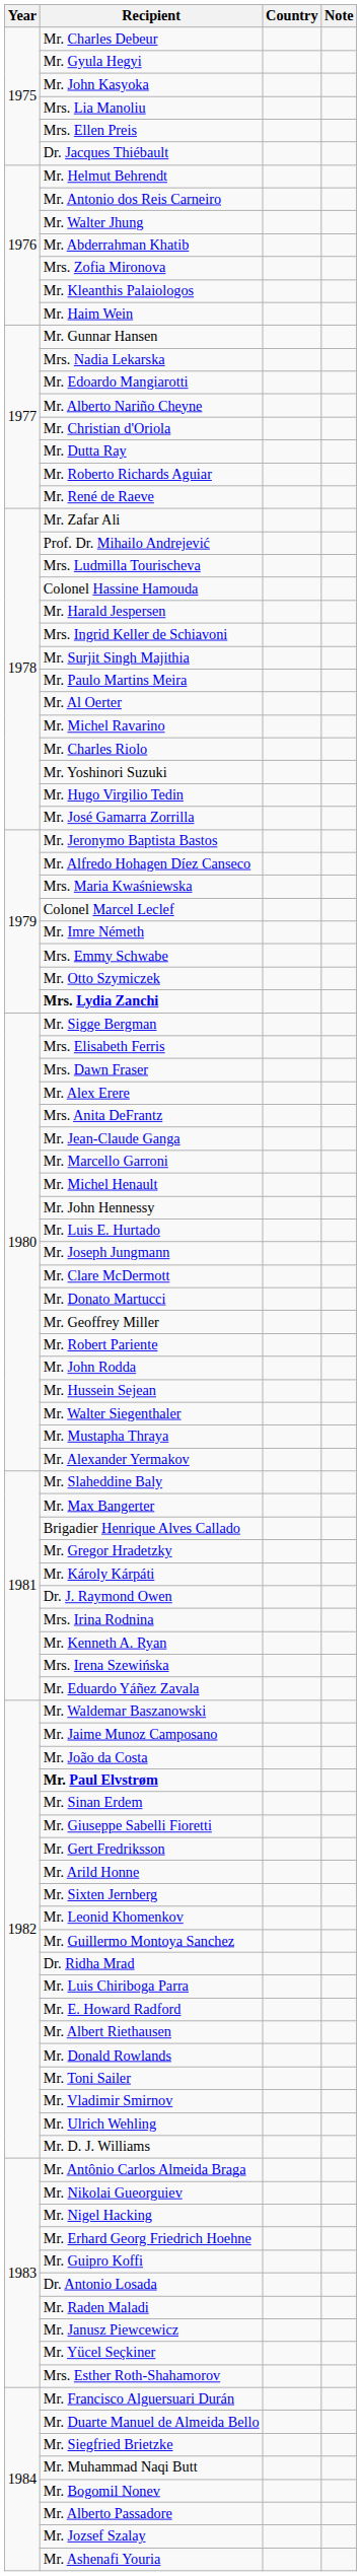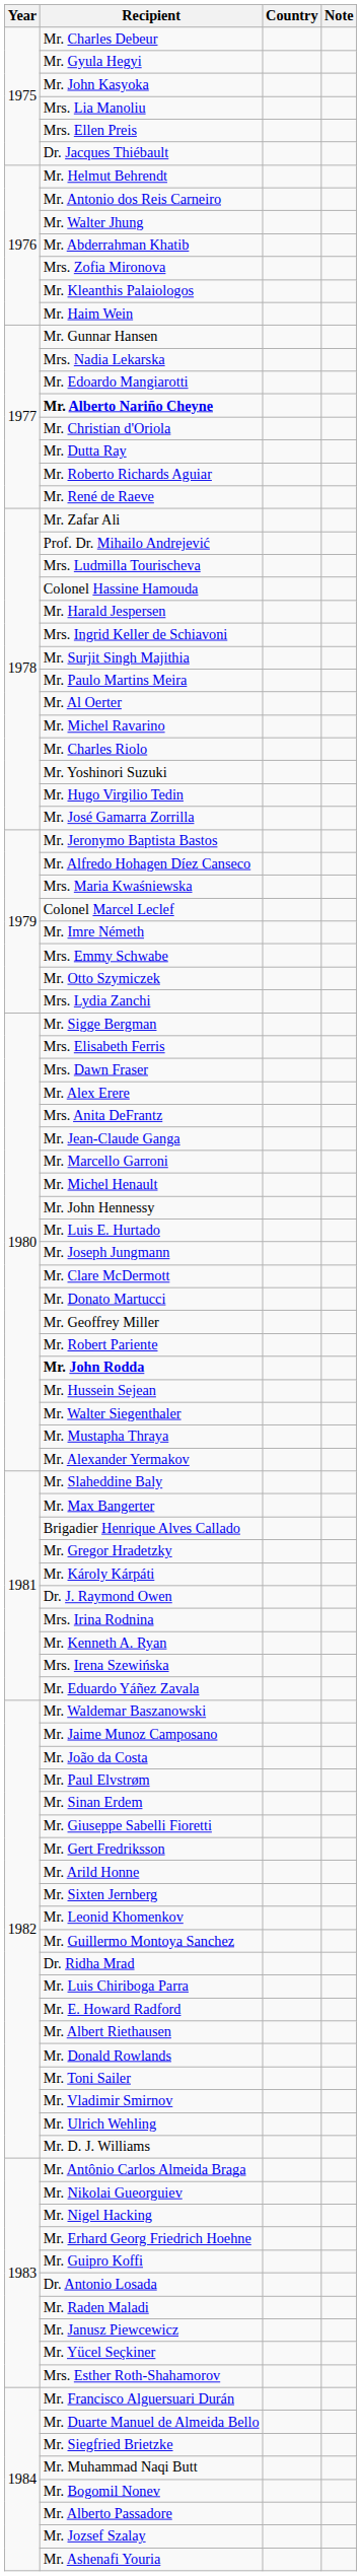 <table class="wikitable">
 <tr>
 <th>Year</th>
 <th>Recipient</th>
 <th>Country</th>
 <th>Note</th>
 </tr>
 <tr>
 <td rowspan=6>1975</td>
 <td>Mr. <a href='#'>Charles Debeur</a></td>
 <td></td>
 <td></td>
 </tr>
 <tr>
 <td>Mr. <a href='#'>Gyula Hegyi</a></td>
 <td></td>
 <td></td>
 </tr>
 <tr>
 <td>Mr. <a href='#'>John Kasyoka</a></td>
 <td></td>
 <td></td>
 </tr>
 <tr>
 <td>Mrs. <a href='#'>Lia Manoliu</a></td>
 <td></td>
 <td></td>
 </tr>
 <tr>
 <td>Mrs. <a href='#'>Ellen Preis</a></td>
 <td></td>
 <td></td>
 </tr>
 <tr>
 <td>Dr. <a href='#'>Jacques Thiébault</a></td>
 <td></td>
 <td></td>
 </tr>
 <tr>
 <td rowspan=7>1976</td>
 <td>Mr. <a href='#'>Helmut Behrendt</a></td>
 <td></td>
 <td></td>
 </tr>
 <tr>
 <td>Mr. <a href='#'>Antonio dos Reis Carneiro</a></td>
 <td></td>
 <td></td>
 </tr>
 <tr>
 <td>Mr. <a href='#'>Walter Jhung</a></td>
 <td></td>
 <td></td>
 </tr>
 <tr>
 <td>Mr. <a href='#'>Abderrahman Khatib</a></td>
 <td></td>
 <td></td>
 </tr>
 <tr>
 <td>Mrs. <a href='#'>Zofia Mironova</a></td>
 <td></td>
 <td></td>
 </tr>
 <tr>
 <td>Mr. <a href='#'>Kleanthis Palaiologos</a></td>
 <td></td>
 <td></td>
 </tr>
 <tr>
 <td>Mr. <a href='#'>Haim Wein</a></td>
 <td></td>
 <td></td>
 </tr>
 <tr>
 <td rowspan=8>1977</td>
 <td>Mr. Gunnar Hansen</td>
 <td></td>
 <td></td>
 </tr>
 <tr>
 <td>Mrs. <a href='#'>Nadia Lekarska</a></td>
 <td></td>
 <td></td>
 </tr>
 <tr>
 <td>Mr. <a href='#'>Edoardo Mangiarotti</a></td>
 <td></td>
 <td></td>
 </tr>
 <tr>
-<td>Mr. <a href='#'>Alberto Nariño Cheyne</a></td>
+<td><strong>Mr. <a href='#'>Alberto Nariño Cheyne</a></strong></td>
 <td></td>
 <td></td>
 </tr>
 <tr>
 <td>Mr. <a href='#'>Christian d'Oriola</a></td>
 <td></td>
 <td></td>
 </tr>
 <tr>
 <td>Mr. <a href='#'>Dutta Ray</a></td>
 <td></td>
 <td></td>
 </tr>
 <tr>
 <td>Mr. <a href='#'>Roberto Richards Aguiar</a></td>
 <td></td>
 <td></td>
 </tr>
 <tr>
 <td>Mr. <a href='#'>René de Raeve</a></td>
 <td></td>
 <td></td>
 </tr>
 <tr>
 <td rowspan=14>1978</td>
 <td>Mr. Zafar Ali</td>
 <td></td>
 <td></td>
 </tr>
 <tr>
 <td>Prof. Dr. <a href='#'>Mihailo Andrejević</a></td>
 <td></td>
 <td></td>
 </tr>
 <tr>
 <td>Mrs. <a href='#'>Ludmilla Tourischeva</a></td>
 <td></td>
 <td></td>
 </tr>
 <tr>
 <td>Colonel <a href='#'>Hassine Hamouda</a></td>
 <td></td>
 <td></td>
 </tr>
 <tr>
 <td>Mr. <a href='#'>Harald Jespersen</a></td>
 <td></td>
 <td></td>
 </tr>
 <tr>
 <td>Mrs. <a href='#'>Ingrid Keller de Schiavoni</a></td>
 <td></td>
 <td></td>
 </tr>
 <tr>
 <td>Mr. <a href='#'>Surjit Singh Majithia</a></td>
 <td></td>
 <td></td>
 </tr>
 <tr>
 <td>Mr. <a href='#'>Paulo Martins Meira</a></td>
 <td></td>
 <td></td>
 </tr>
 <tr>
 <td>Mr. <a href='#'>Al Oerter</a></td>
 <td></td>
 <td></td>
 </tr>
 <tr>
 <td>Mr. <a href='#'>Michel Ravarino</a></td>
 <td></td>
 <td></td>
 </tr>
 <tr>
 <td>Mr. <a href='#'>Charles Riolo</a></td>
 <td></td>
 <td></td>
 </tr>
 <tr>
 <td>Mr. Yoshinori Suzuki</td>
 <td></td>
 <td></td>
 </tr>
 <tr>
 <td>Mr. <a href='#'>Hugo Virgilio Tedin</a></td>
 <td></td>
 <td></td>
 </tr>
 <tr>
 <td>Mr. <a href='#'>José Gamarra Zorrilla</a></td>
 <td></td>
 <td></td>
 </tr>
 <tr>
 <td rowspan=8>1979</td>
 <td>Mr. <a href='#'>Jeronymo Baptista Bastos</a></td>
 <td></td>
 <td></td>
 </tr>
 <tr>
 <td>Mr. <a href='#'>Alfredo Hohagen Díez Canseco</a></td>
 <td></td>
 <td></td>
 </tr>
 <tr>
 <td>Mrs. <a href='#'>Maria Kwaśniewska</a></td>
 <td></td>
 <td></td>
 </tr>
 <tr>
 <td>Colonel <a href='#'>Marcel Leclef</a></td>
 <td></td>
 <td></td>
 </tr>
 <tr>
 <td>Mr. <a href='#'>Imre Németh</a></td>
 <td></td>
 <td></td>
 </tr>
 <tr>
 <td>Mrs. <a href='#'>Emmy Schwabe</a></td>
 <td></td>
 <td></td>
 </tr>
 <tr>
 <td>Mr. <a href='#'>Otto Szymiczek</a></td>
 <td></td>
 <td></td>
 </tr>
 <tr>
-<td><strong>Mrs. <a href='#'>Lydia Zanchi</a></strong></td>
+<td>Mrs. <a href='#'>Lydia Zanchi</a></td>
 <td></td>
 <td></td>
 </tr>
 <tr>
 <td rowspan=20>1980</td>
 <td>Mr. <a href='#'>Sigge Bergman</a></td>
 <td></td>
 <td></td>
 </tr>
 <tr>
 <td>Mrs. <a href='#'>Elisabeth Ferris</a></td>
 <td></td>
 <td></td>
 </tr>
 <tr>
 <td>Mrs. <a href='#'>Dawn Fraser</a></td>
 <td></td>
 <td></td>
 </tr>
 <tr>
 <td>Mr. <a href='#'>Alex Erere</a></td>
 <td></td>
 <td></td>
 </tr>
 <tr>
 <td>Mrs. <a href='#'>Anita DeFrantz</a></td>
 <td></td>
 <td></td>
 </tr>
 <tr>
 <td>Mr. <a href='#'>Jean-Claude Ganga</a></td>
 <td></td>
 <td></td>
 </tr>
 <tr>
 <td>Mr. <a href='#'>Marcello Garroni</a></td>
 <td></td>
 <td></td>
 </tr>
 <tr>
 <td>Mr. <a href='#'>Michel Henault</a></td>
 <td></td>
 <td></td>
 </tr>
 <tr>
 <td>Mr. John Hennessy</td>
 <td></td>
 <td></td>
 </tr>
 <tr>
 <td>Mr. <a href='#'>Luis E. Hurtado</a></td>
 <td></td>
 <td></td>
 </tr>
 <tr>
 <td>Mr. <a href='#'>Joseph Jungmann</a></td>
 <td></td>
 <td></td>
 </tr>
 <tr>
 <td>Mr. <a href='#'>Clare McDermott</a></td>
 <td></td>
 <td></td>
 </tr>
 <tr>
 <td>Mr. <a href='#'>Donato Martucci</a></td>
 <td></td>
 <td></td>
 </tr>
 <tr>
 <td>Mr. Geoffrey Miller</td>
 <td></td>
 <td></td>
 </tr>
 <tr>
 <td>Mr. <a href='#'>Robert Pariente</a></td>
 <td></td>
 <td></td>
 </tr>
 <tr>
-<td>Mr. <a href='#'>John Rodda</a></td>
+<td><strong>Mr. <a href='#'>John Rodda</a></strong></td>
 <td></td>
 <td></td>
 </tr>
 <tr>
 <td>Mr. <a href='#'>Hussein Sejean</a></td>
 <td></td>
 <td></td>
 </tr>
 <tr>
 <td>Mr. <a href='#'>Walter Siegenthaler</a></td>
 <td></td>
 <td></td>
 </tr>
 <tr>
 <td>Mr. <a href='#'>Mustapha Thraya</a></td>
 <td></td>
 <td></td>
 </tr>
 <tr>
 <td>Mr. <a href='#'>Alexander Yermakov</a></td>
 <td></td>
 <td></td>
 </tr>
 <tr>
 <td rowspan=10>1981</td>
 <td>Mr. <a href='#'>Slaheddine Baly</a></td>
 <td></td>
 <td></td>
 </tr>
 <tr>
 <td>Mr. <a href='#'>Max Bangerter</a></td>
 <td></td>
 <td></td>
 </tr>
 <tr>
 <td>Brigadier <a href='#'>Henrique Alves Callado</a></td>
 <td></td>
 <td></td>
 </tr>
 <tr>
 <td>Mr. <a href='#'>Gregor Hradetzky</a></td>
 <td></td>
 <td></td>
 </tr>
 <tr>
 <td>Mr. <a href='#'>Károly Kárpáti</a></td>
 <td></td>
 <td></td>
 </tr>
 <tr>
 <td>Dr. <a href='#'>J. Raymond Owen</a></td>
 <td></td>
 <td></td>
 </tr>
 <tr>
 <td>Mrs. <a href='#'>Irina Rodnina</a></td>
 <td></td>
 <td></td>
 </tr>
 <tr>
 <td>Mr. <a href='#'>Kenneth A. Ryan</a></td>
 <td></td>
 <td></td>
 </tr>
 <tr>
 <td>Mrs. <a href='#'>Irena Szewińska</a></td>
 <td></td>
 <td></td>
 </tr>
 <tr>
 <td>Mr. <a href='#'>Eduardo Yáñez Zavala</a></td>
 <td></td>
 <td></td>
 </tr>
 <tr>
 <td rowspan=20>1982</td>
 <td>Mr. <a href='#'>Waldemar Baszanowski</a></td>
 <td></td>
 <td></td>
 </tr>
 <tr>
 <td>Mr. <a href='#'>Jaime Munoz Camposano</a></td>
 <td></td>
 <td></td>
 </tr>
 <tr>
 <td>Mr. <a href='#'>João da Costa</a></td>
 <td></td>
 <td></td>
 </tr>
 <tr>
-<td><strong>Mr. <a href='#'>Paul Elvstrøm</a></strong></td>
+<td>Mr. <a href='#'>Paul Elvstrøm</a></td>
 <td></td>
 <td></td>
 </tr>
 <tr>
 <td>Mr. <a href='#'>Sinan Erdem</a></td>
 <td></td>
 <td></td>
 </tr>
 <tr>
 <td>Mr. <a href='#'>Giuseppe Sabelli Fioretti</a></td>
 <td></td>
 <td></td>
 </tr>
 <tr>
 <td>Mr. <a href='#'>Gert Fredriksson</a></td>
 <td></td>
 <td></td>
 </tr>
 <tr>
 <td>Mr. <a href='#'>Arild Honne</a></td>
 <td></td>
 <td></td>
 </tr>
 <tr>
 <td>Mr. <a href='#'>Sixten Jernberg</a></td>
 <td></td>
 <td></td>
 </tr>
 <tr>
 <td>Mr. <a href='#'>Leonid Khomenkov</a></td>
 <td></td>
 <td></td>
 </tr>
 <tr>
 <td>Mr. <a href='#'>Guillermo Montoya Sanchez</a></td>
 <td></td>
 <td></td>
 </tr>
 <tr>
 <td>Dr. <a href='#'>Ridha Mrad</a></td>
 <td></td>
 <td></td>
 </tr>
 <tr>
 <td>Mr. <a href='#'>Luis Chiriboga Parra</a></td>
 <td></td>
 <td></td>
 </tr>
 <tr>
 <td>Mr. <a href='#'>E. Howard Radford</a></td>
 <td></td>
 <td></td>
 </tr>
 <tr>
 <td>Mr. <a href='#'>Albert Riethausen</a></td>
 <td></td>
 <td></td>
 </tr>
 <tr>
 <td>Mr. <a href='#'>Donald Rowlands</a></td>
 <td></td>
 <td></td>
 </tr>
 <tr>
 <td>Mr. <a href='#'>Toni Sailer</a></td>
 <td></td>
 <td></td>
 </tr>
 <tr>
 <td>Mr. <a href='#'>Vladimir Smirnov</a></td>
 <td></td>
 <td></td>
 </tr>
 <tr>
 <td>Mr. <a href='#'>Ulrich Wehling</a></td>
 <td></td>
 <td></td>
 </tr>
 <tr>
 <td>Mr. D. J. Williams</td>
 <td></td>
 <td></td>
 </tr>
 <tr>
 <td rowspan=10>1983</td>
 <td>Mr. <a href='#'>Antônio Carlos Almeida Braga</a></td>
 <td></td>
 <td></td>
 </tr>
 <tr>
 <td>Mr. <a href='#'>Nikolai Gueorguiev</a></td>
 <td></td>
 <td></td>
 </tr>
 <tr>
 <td>Mr. <a href='#'>Nigel Hacking</a></td>
 <td></td>
 <td></td>
 </tr>
 <tr>
 <td>Mr. <a href='#'>Erhard Georg Friedrich Hoehne</a></td>
 <td></td>
 <td></td>
 </tr>
 <tr>
 <td>Mr. <a href='#'>Guipro Koffi</a></td>
 <td></td>
 <td></td>
 </tr>
 <tr>
 <td>Dr. <a href='#'>Antonio Losada</a></td>
 <td></td>
 <td></td>
 </tr>
 <tr>
 <td>Mr. <a href='#'>Raden Maladi</a></td>
 <td></td>
 <td></td>
 </tr>
 <tr>
 <td>Mr. <a href='#'>Janusz Piewcewicz</a></td>
 <td></td>
 <td></td>
 </tr>
 <tr>
 <td>Mr. <a href='#'>Yücel Seçkiner</a></td>
 <td></td>
 <td></td>
 </tr>
 <tr>
 <td>Mrs. <a href='#'>Esther Roth-Shahamorov</a></td>
 <td></td>
 <td></td>
 </tr>
 <tr>
 <td rowspan=8>1984</td>
 <td>Mr. <a href='#'>Francisco Alguersuari Durán</a></td>
 <td></td>
 <td></td>
 </tr>
 <tr>
 <td>Mr. <a href='#'>Duarte Manuel de Almeida Bello</a></td>
 <td></td>
 <td></td>
 </tr>
 <tr>
 <td>Mr. <a href='#'>Siegfried Brietzke</a></td>
 <td></td>
 <td></td>
 </tr>
 <tr>
 <td>Mr. Muhammad Naqi Butt</td>
 <td></td>
 <td></td>
 </tr>
 <tr>
 <td>Mr. <a href='#'>Bogomil Nonev</a></td>
 <td></td>
 <td></td>
 </tr>
 <tr>
 <td>Mr. <a href='#'>Alberto Passadore</a></td>
 <td></td>
 <td></td>
 </tr>
 <tr>
 <td>Mr. <a href='#'>Jozsef Szalay</a></td>
 <td></td>
 <td></td>
 </tr>
 <tr>
 <td>Mr. <a href='#'>Ashenafi Youria</a></td>
 <td></td>
 <td></td>
 </tr>
 </table>
